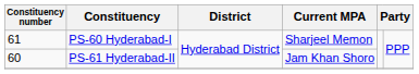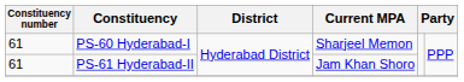 <table class="wikitable">
 <tr>
 <th width="50px" style="font-size:75%">Constituency number</th>
 <th>Constituency</th>
 <th>District</th>
 <th>Current MPA</th>
 <th colspan="2">Party</th>
 </tr>
 <tr>
 <td>61</td>
 <td><a href='#'>PS-60 Hyderabad-I</a></td>
 <td rowspan="2"><a href='#'>Hyderabad District</a></td>
 <td><a href='#'>Sharjeel Memon</a></td>
 <td rowspan="2"></td>
 <td rowspan="2"><a href='#'>PPP</a></td>
 </tr>
 <tr>
-<td>60</td>
+<td>61</td>
 <td><a href='#'>PS-61 Hyderabad-II</a></td>
 <td><a href='#'>Jam Khan Shoro</a></td>
 </tr>
 <tr>
 </tr>
 </table>
